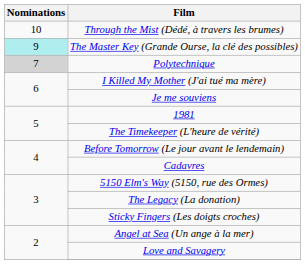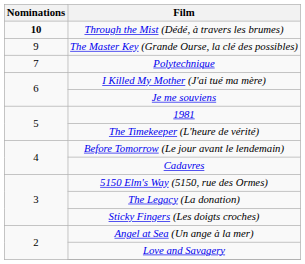 <table class="wikitable" style="text-align:center;">
 <tr>
 <th scope="col" width="17">Nominations</th>
 <th scope="col" align="center">Film</th>
 </tr>
 <tr>
-<td rowspan="1" style="text-align:center;">10</td>
+<td rowspan="1" style="text-align:center;"><strong>10</strong></td>
 <td><em><a href='#'>Through the Mist</a> (Dédé, à travers les brumes)</em></td>
 </tr>
 <tr>
-<td rowspan="1" style="background: paleturquoise; text-align:center;">9</td>
+<td rowspan="1" style="text-align:center;">9</td>
 <td><em><a href='#'>The Master Key</a> (Grande Ourse, la clé des possibles)</em></td>
 </tr>
 <tr>
-<td rowspan="1" style="background: lightgrey; text-align:center;">7</td>
+<td rowspan="1" style="text-align:center;">7</td>
 <td><em><a href='#'>Polytechnique</a></em></td>
 </tr>
 <tr>
 <td rowspan="2" style="text-align:center;">6</td>
 <td><em><a href='#'>I Killed My Mother</a> (J'ai tué ma mère)</em></td>
 </tr>
 <tr>
 <td><em><a href='#'>Je me souviens</a></em></td>
 </tr>
 <tr>
 <td rowspan="2" style="text-align:center;">5</td>
 <td><em><a href='#'>1981</a></em></td>
 </tr>
 <tr>
 <td><em><a href='#'>The Timekeeper</a> (L'heure de vérité)</em></td>
 </tr>
 <tr>
 <td rowspan="2" style="text-align:center;">4</td>
 <td><em><a href='#'>Before Tomorrow</a> (Le jour avant le lendemain)</em></td>
 </tr>
 <tr>
 <td><em><a href='#'>Cadavres</a></em></td>
 </tr>
 <tr>
 <td rowspan="3" style="text-align:center;">3</td>
 <td><em><a href='#'>5150 Elm's Way</a> (5150, rue des Ormes)</em></td>
 </tr>
 <tr>
 <td><em><a href='#'>The Legacy</a> (La donation)</em></td>
 </tr>
 <tr>
 <td><em><a href='#'>Sticky Fingers</a> (Les doigts croches)</em></td>
 </tr>
 <tr>
 <td rowspan="3" style="text-align:center;">2</td>
 <td><em><a href='#'>Angel at Sea</a> (Un ange à la mer)</em></td>
 </tr>
 <tr>
 <td><em><a href='#'>Love and Savagery</a></em></td>
 </tr>
 <tr>
 </tr>
 </table>
